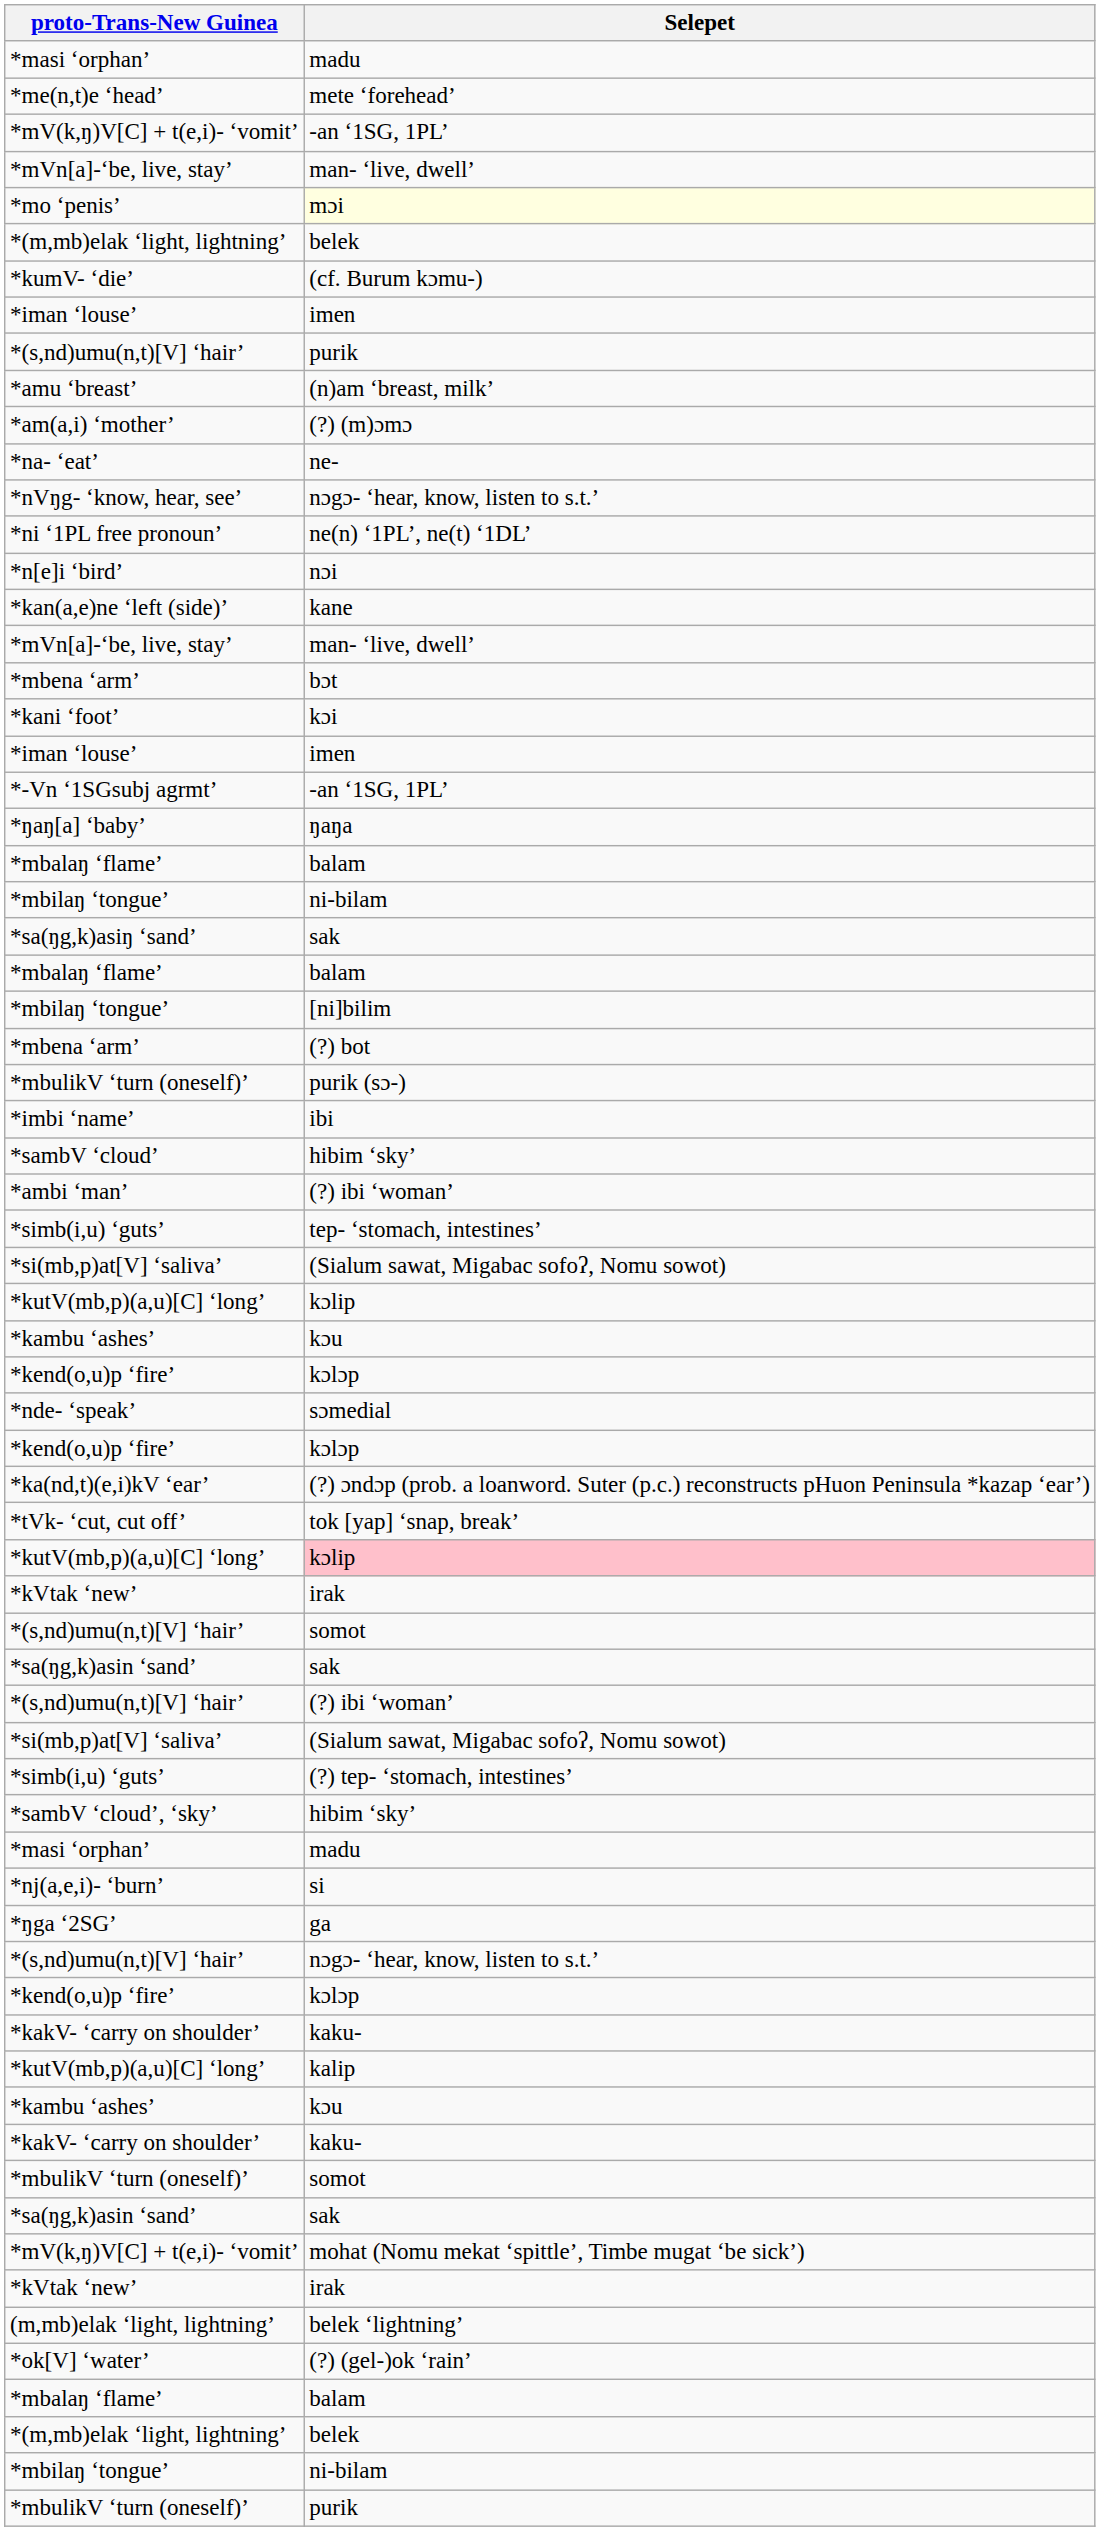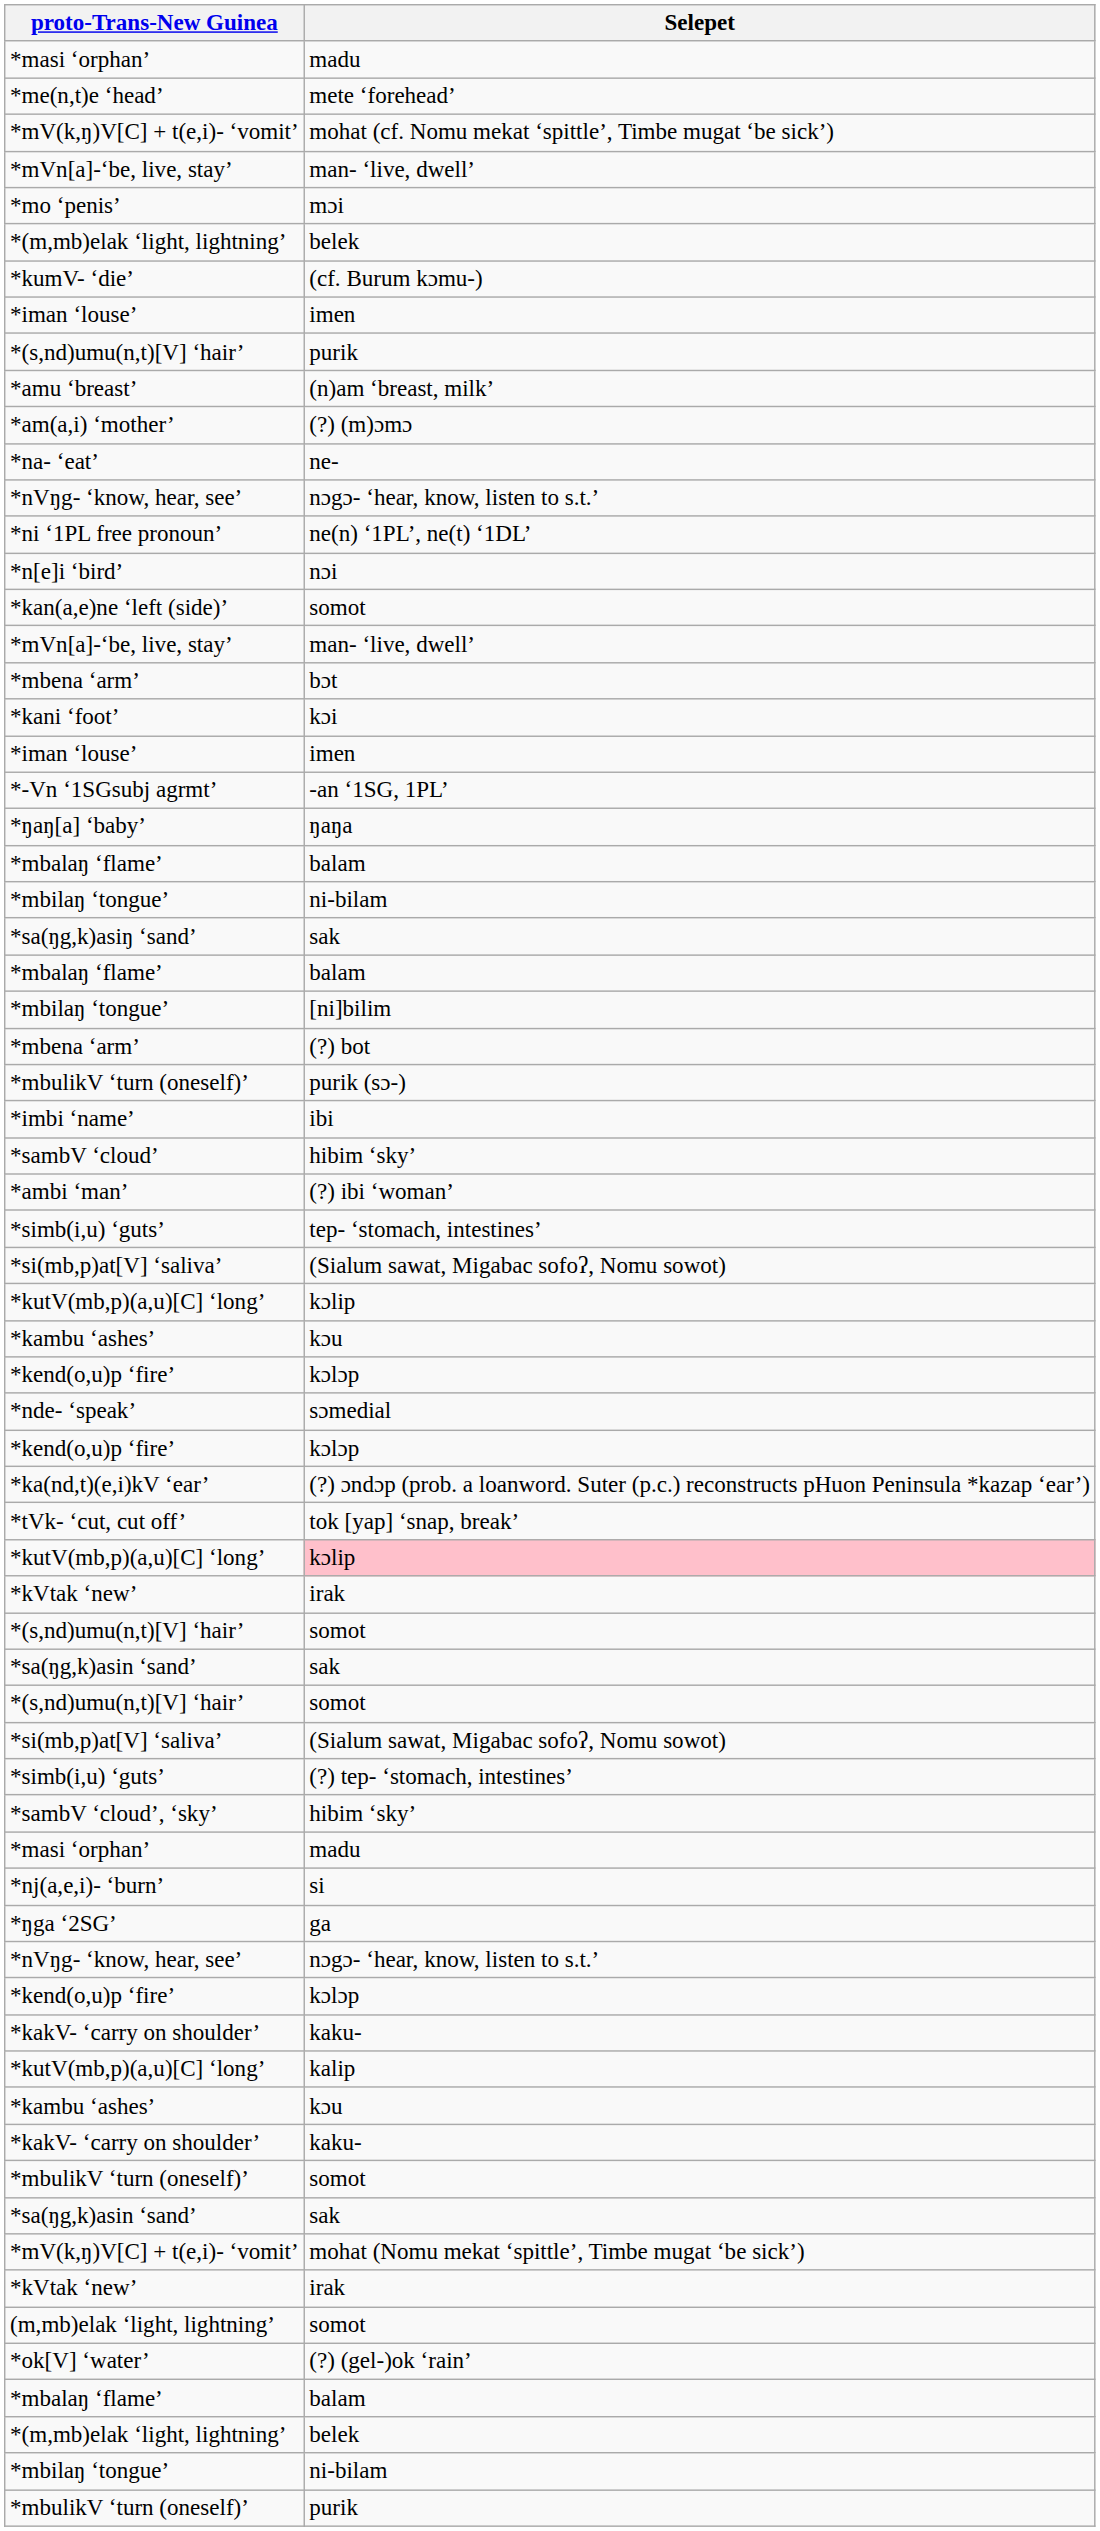 <table class="wikitable sortable">
 <tr>
 <th><a href='#'>proto-Trans-New Guinea</a></th>
 <th>Selepet</th>
 </tr>
 <tr>
 <td>*masi ‘orphan’</td>
 <td>madu</td>
 </tr>
 <tr>
 <td>*me(n,t)e ‘head’</td>
 <td>mete ‘forehead’</td>
 </tr>
 <tr>
 <td>*mV(k,ŋ)V[C] + t(e,i)- ‘vomit’</td>
-<td>-an ‘1SG, 1PL’</td>
+<td>mohat (cf. Nomu mekat ‘spittle’, Timbe mugat ‘be sick’)</td>
 </tr>
 <tr>
 <td>*mVn[a]-‘be, live, stay’</td>
 <td>man- ‘live, dwell’</td>
 </tr>
 <tr>
 <td>*mo ‘penis’</td>
-<td style="background: lightyellow;">mɔi</td>
+<td>mɔi</td>
 </tr>
 <tr>
 <td>*(m,mb)elak ‘light, lightning’</td>
 <td>belek</td>
 </tr>
 <tr>
 <td>*kumV- ‘die’</td>
 <td>(cf. Burum kɔmu-)</td>
 </tr>
 <tr>
 <td>*iman ‘louse’</td>
 <td>imen</td>
 </tr>
 <tr>
 <td>*(s,nd)umu(n,t)[V] ‘hair’</td>
 <td>purik</td>
 </tr>
 <tr>
 <td>*amu ‘breast’</td>
 <td>(n)am ‘breast, milk’</td>
 </tr>
 <tr>
 <td>*am(a,i) ‘mother’</td>
 <td>(?) (m)ɔmɔ</td>
 </tr>
 <tr>
 <td>*na- ‘eat’</td>
 <td>ne-</td>
 </tr>
 <tr>
 <td>*nVŋg- ‘know, hear, see’</td>
 <td>nɔgɔ- ‘hear, know, listen to s.t.’</td>
 </tr>
 <tr>
 <td>*ni ‘1PL free pronoun’</td>
 <td>ne(n) ‘1PL’, ne(t) ‘1DL’</td>
 </tr>
 <tr>
 <td>*n[e]i ‘bird’</td>
 <td>nɔi</td>
 </tr>
 <tr>
 <td>*kan(a,e)ne ‘left (side)’</td>
-<td>kane</td>
+<td>somot</td>
 </tr>
 <tr>
 <td>*mVn[a]-‘be, live, stay’</td>
 <td>man- ‘live, dwell’</td>
 </tr>
 <tr>
 <td>*mbena ‘arm’</td>
 <td>bɔt</td>
 </tr>
 <tr>
 <td>*kani ‘foot’</td>
 <td>kɔi</td>
 </tr>
 <tr>
 <td>*iman ‘louse’</td>
 <td>imen</td>
 </tr>
 <tr>
 <td>*-Vn ‘1SGsubj agrmt’</td>
 <td>-an ‘1SG, 1PL’</td>
 </tr>
 <tr>
 <td>*ŋaŋ[a] ‘baby’</td>
 <td>ŋaŋa</td>
 </tr>
 <tr>
 <td>*mbalaŋ ‘flame’</td>
 <td>balam</td>
 </tr>
 <tr>
 <td>*mbilaŋ ‘tongue’</td>
 <td>ni-bilam</td>
 </tr>
 <tr>
 <td>*sa(ŋg,k)asiŋ ‘sand’</td>
 <td>sak</td>
 </tr>
 <tr>
 <td>*mbalaŋ ‘flame’</td>
 <td>balam</td>
 </tr>
 <tr>
 <td>*mbilaŋ ‘tongue’</td>
 <td>[ni]bilim</td>
 </tr>
 <tr>
 <td>*mbena ‘arm’</td>
 <td>(?) bot</td>
 </tr>
 <tr>
 <td>*mbulikV ‘turn (oneself)’</td>
 <td>purik (sɔ-)</td>
 </tr>
 <tr>
 <td>*imbi ‘name’</td>
 <td>ibi</td>
 </tr>
 <tr>
 <td>*sambV ‘cloud’</td>
 <td>hibim ‘sky’</td>
 </tr>
 <tr>
 <td>*ambi ‘man’</td>
 <td>(?) ibi ‘woman’</td>
 </tr>
 <tr>
 <td>*simb(i,u) ‘guts’</td>
 <td>tep- ‘stomach, intestines’</td>
 </tr>
 <tr>
 <td>*si(mb,p)at[V] ‘saliva’</td>
 <td>(Sialum sawat, Migabac sofoʔ, Nomu sowot)</td>
 </tr>
 <tr>
 <td>*kutV(mb,p)(a,u)[C] ‘long’</td>
 <td>kɔlip</td>
 </tr>
 <tr>
 <td>*kambu ‘ashes’</td>
 <td>kɔu</td>
 </tr>
 <tr>
 <td>*kend(o,u)p ‘fire’</td>
 <td>kɔlɔp</td>
 </tr>
 <tr>
 <td>*nde- ‘speak’</td>
 <td>sɔmedial</td>
 </tr>
 <tr>
 <td>*kend(o,u)p ‘fire’</td>
 <td>kɔlɔp</td>
 </tr>
 <tr>
 <td>*ka(nd,t)(e,i)kV ‘ear’</td>
 <td>(?) ɔndɔp (prob. a loanword. Suter (p.c.) reconstructs pHuon Peninsula *kazap ‘ear’)</td>
 </tr>
 <tr>
 <td>*tVk- ‘cut, cut off’</td>
 <td>tok [yap] ‘snap, break’</td>
 </tr>
 <tr>
 <td>*kutV(mb,p)(a,u)[C] ‘long’</td>
 <td style="background: pink;">kɔlip</td>
 </tr>
 <tr>
 <td>*kVtak ‘new’</td>
 <td>irak</td>
 </tr>
 <tr>
 <td>*(s,nd)umu(n,t)[V] ‘hair’</td>
 <td>somot</td>
 </tr>
 <tr>
 <td>*sa(ŋg,k)asin ‘sand’</td>
 <td>sak</td>
 </tr>
 <tr>
 <td>*(s,nd)umu(n,t)[V] ‘hair’</td>
-<td>(?) ibi ‘woman’</td>
+<td>somot</td>
 </tr>
 <tr>
 <td>*si(mb,p)at[V] ‘saliva’</td>
 <td>(Sialum sawat, Migabac sofoʔ, Nomu sowot)</td>
 </tr>
 <tr>
 <td>*simb(i,u) ‘guts’</td>
 <td>(?) tep- ‘stomach, intestines’</td>
 </tr>
 <tr>
 <td>*sambV ‘cloud’, ‘sky’</td>
 <td>hibim ‘sky’</td>
 </tr>
 <tr>
 <td>*masi ‘orphan’</td>
 <td>madu</td>
 </tr>
 <tr>
 <td>*nj(a,e,i)- ‘burn’</td>
 <td>si</td>
 </tr>
 <tr>
 <td>*ŋga ‘2SG’</td>
 <td>ga</td>
 </tr>
 <tr>
-<td>*(s,nd)umu(n,t)[V] ‘hair’</td>
+<td>*nVŋg- ‘know, hear, see’</td>
 <td>nɔgɔ- ‘hear, know, listen to s.t.’</td>
 </tr>
 <tr>
 <td>*kend(o,u)p ‘fire’</td>
 <td>kɔlɔp</td>
 </tr>
 <tr>
 <td>*kakV- ‘carry on shoulder’</td>
 <td>kaku-</td>
 </tr>
 <tr>
 <td>*kutV(mb,p)(a,u)[C] ‘long’</td>
 <td>kalip</td>
 </tr>
 <tr>
 <td>*kambu ‘ashes’</td>
 <td>kɔu</td>
 </tr>
 <tr>
 <td>*kakV- ‘carry on shoulder’</td>
 <td>kaku-</td>
 </tr>
 <tr>
 <td>*mbulikV ‘turn (oneself)’</td>
 <td>somot</td>
 </tr>
 <tr>
 <td>*sa(ŋg,k)asin ‘sand’</td>
 <td>sak</td>
 </tr>
 <tr>
 <td>*mV(k,ŋ)V[C] + t(e,i)- ‘vomit’</td>
 <td>mohat (Nomu mekat ‘spittle’, Timbe mugat ‘be sick’)</td>
 </tr>
 <tr>
 <td>*kVtak ‘new’</td>
 <td>irak</td>
 </tr>
 <tr>
 <td>(m,mb)elak ‘light, lightning’</td>
-<td>belek ‘lightning’</td>
+<td>somot</td>
 </tr>
 <tr>
 <td>*ok[V] ‘water’</td>
 <td>(?) (gel-)ok ‘rain’</td>
 </tr>
 <tr>
 <td>*mbalaŋ ‘flame’</td>
 <td>balam</td>
 </tr>
 <tr>
 <td>*(m,mb)elak ‘light, lightning’</td>
 <td>belek</td>
 </tr>
 <tr>
 <td>*mbilaŋ ‘tongue’</td>
 <td>ni-bilam</td>
 </tr>
 <tr>
 <td>*mbulikV ‘turn (oneself)’</td>
 <td>purik</td>
 </tr>
 </table>
